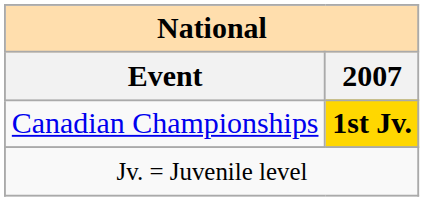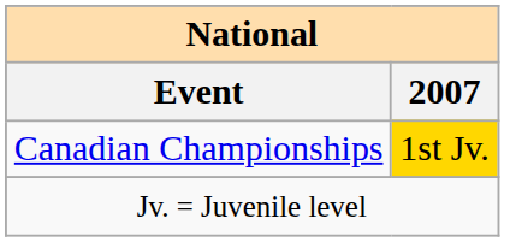 <table class="wikitable" style="text-align:center">
 <tr>
 <th style="background-color: #ffdead; " colspan=2 align=center><strong>National</strong></th>
 </tr>
 <tr>
 <th>Event</th>
 <th>2007</th>
 </tr>
 <tr>
 <td align=left><a href='#'>Canadian Championships</a></td>
-<td bgcolor=gold><strong>1st Jv.</strong></td>
+<td bgcolor=gold>1st Jv.</td>
 </tr>
 <tr>
 <td colspan=2 align=center><small> Jv. = Juvenile level </small></td>
 </tr>
 </table>
